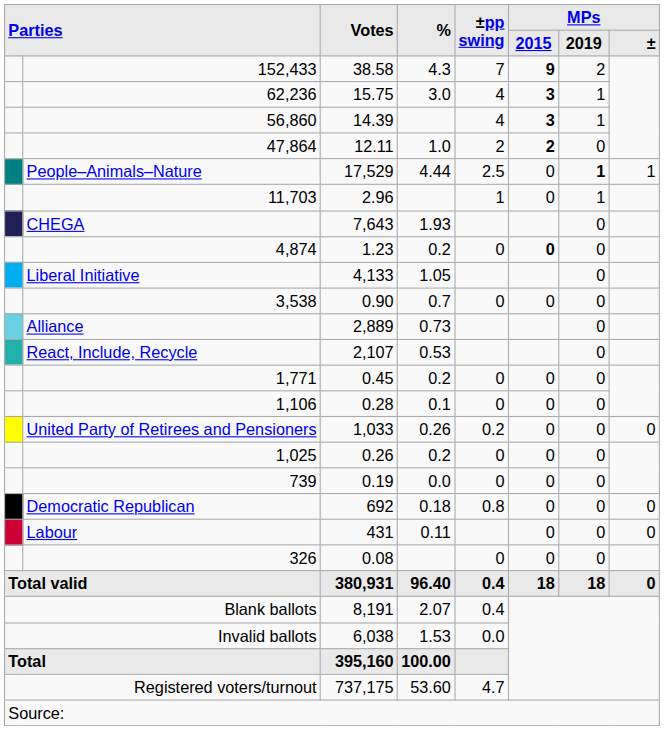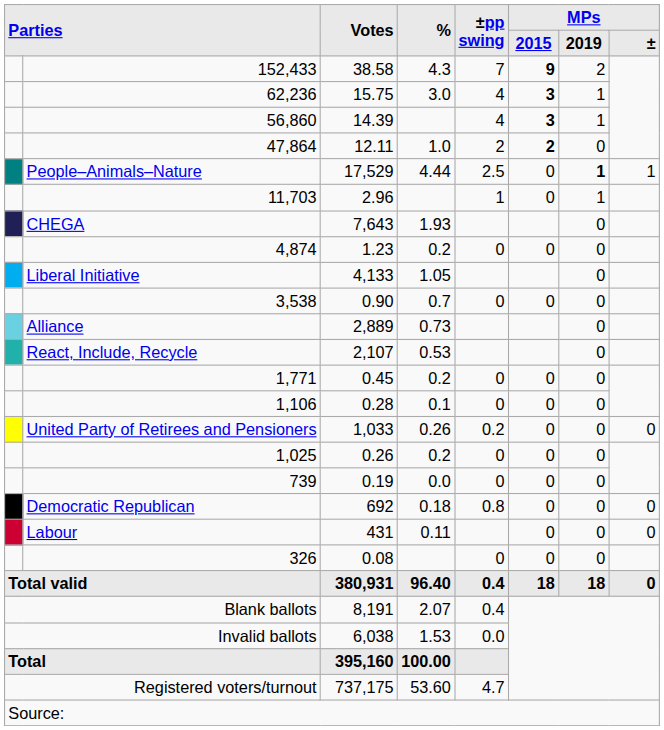 <table class="wikitable" style="text-align:right; font-size:95%;">
 <tr>
 <th rowspan="2" colspan="2" style="background:#e9e9e9; text-align:left;" alignleft><a href='#'>Parties</a></th>
 <th rowspan="2" style="background:#e9e9e9; text-align:right;">Votes</th>
 <th rowspan="2" style="background:#e9e9e9; text-align:right;">%</th>
 <th rowspan="2" style="background:#e9e9e9; text-align:right;">±<a href='#'>pp</a> <a href='#'>swing</a></th>
 <th colspan="3" style="background:#e9e9e9; text-align:center;"><a href='#'>MPs</a></th>
 </tr>
 <tr style="background-color:#E9E9E9">
 <th style="background-color:#E9E9E9;text-align:center;"><a href='#'>2015</a></th>
 <th style="background-color:#E9E9E9;text-align:center;">2019</th>
 <th style="background:#e9e9e9; text-align:right;">±</th>
 </tr>
 <tr>
 <td></td>
 <td>152,433</td>
 <td>38.58</td>
 <td>4.3</td>
 <td>7</td>
 <td><strong>9</strong></td>
 <td>2</td>
 </tr>
 <tr>
 <td></td>
 <td>62,236</td>
 <td>15.75</td>
 <td>3.0</td>
 <td>4</td>
 <td><strong>3</strong></td>
 <td>1</td>
 </tr>
 <tr>
 <td></td>
 <td>56,860</td>
 <td>14.39</td>
 <td></td>
 <td>4</td>
 <td><strong>3</strong></td>
 <td>1</td>
 </tr>
 <tr>
 <td></td>
 <td>47,864</td>
 <td>12.11</td>
 <td>1.0</td>
 <td>2</td>
 <td><strong>2</strong></td>
 <td>0</td>
 </tr>
 <tr>
 <td style="width: 10px" bgcolor="teal" align="center"></td>
 <td align="left"><a href='#'>People–Animals–Nature</a></td>
 <td>17,529</td>
 <td>4.44</td>
 <td>2.5</td>
 <td>0</td>
 <td><strong>1</strong></td>
 <td>1</td>
 </tr>
 <tr>
 <td></td>
 <td>11,703</td>
 <td>2.96</td>
 <td></td>
 <td>1</td>
 <td>0</td>
 <td>1</td>
 </tr>
 <tr>
 <td style="width: 10px" bgcolor="#202056" align="center"></td>
 <td align="left"><a href='#'>CHEGA</a></td>
 <td>7,643</td>
 <td>1.93</td>
 <td></td>
 <td></td>
 <td>0</td>
 <td></td>
 </tr>
 <tr>
 <td></td>
 <td>4,874</td>
 <td>1.23</td>
 <td>0.2</td>
 <td>0</td>
-<td><strong>0</strong></td>
+<td>0</td>
 <td>0</td>
 </tr>
 <tr>
 <td style="width: 10px" bgcolor="#00ADEF" align="center"></td>
 <td align="left"><a href='#'>Liberal Initiative</a></td>
 <td>4,133</td>
 <td>1.05</td>
 <td></td>
 <td></td>
 <td>0</td>
 <td></td>
 </tr>
 <tr>
 <td></td>
 <td>3,538</td>
 <td>0.90</td>
 <td>0.7</td>
 <td>0</td>
 <td>0</td>
 <td>0</td>
 </tr>
 <tr>
 <td style="width: 10px" bgcolor="#6AD1E3" align="center"></td>
 <td align="left"><a href='#'>Alliance</a></td>
 <td>2,889</td>
 <td>0.73</td>
 <td></td>
 <td></td>
 <td>0</td>
 <td></td>
 </tr>
 <tr>
 <td style="width: 10px" bgcolor=LightSeaGreen align="center"></td>
 <td align=left><a href='#'>React, Include, Recycle</a></td>
 <td>2,107</td>
 <td>0.53</td>
 <td></td>
 <td></td>
 <td>0</td>
 <td></td>
 </tr>
 <tr>
 <td></td>
 <td>1,771</td>
 <td>0.45</td>
 <td>0.2</td>
 <td>0</td>
 <td>0</td>
 <td>0</td>
 </tr>
 <tr>
 <td></td>
 <td>1,106</td>
 <td>0.28</td>
 <td>0.1</td>
 <td>0</td>
 <td>0</td>
 <td>0</td>
 </tr>
 <tr>
 <td style="width: 10px" bgcolor=yellow align="center"></td>
 <td align=left><a href='#'>United Party of Retirees and Pensioners</a></td>
 <td>1,033</td>
 <td>0.26</td>
 <td>0.2</td>
 <td>0</td>
 <td>0</td>
 <td>0</td>
 </tr>
 <tr>
 <td></td>
 <td>1,025</td>
 <td>0.26</td>
 <td>0.2</td>
 <td>0</td>
 <td>0</td>
 <td>0</td>
 </tr>
 <tr>
 <td></td>
 <td>739</td>
 <td>0.19</td>
 <td>0.0</td>
 <td>0</td>
 <td>0</td>
 <td>0</td>
 </tr>
 <tr>
 <td style="width: 10px" bgcolor=black align="center"></td>
 <td align=left><a href='#'>Democratic Republican</a></td>
 <td>692</td>
 <td>0.18</td>
 <td>0.8</td>
 <td>0</td>
 <td>0</td>
 <td>0</td>
 </tr>
 <tr>
 <td style="width: 10px" bgcolor=#CC0033 align="center"></td>
 <td align=left><a href='#'>Labour</a></td>
 <td>431</td>
 <td>0.11</td>
 <td></td>
 <td>0</td>
 <td>0</td>
 <td>0</td>
 </tr>
 <tr>
 <td></td>
 <td>326</td>
 <td>0.08</td>
 <td></td>
 <td>0</td>
 <td>0</td>
 <td>0</td>
 </tr>
 <tr>
 <td colspan=2 align=left style="background-color:#E9E9E9"><strong>Total valid</strong></td>
 <td width="65" align="right" style="background-color:#E9E9E9"><strong>380,931</strong></td>
 <td width="40" align="right" style="background-color:#E9E9E9"><strong>96.40</strong></td>
 <td width="40" align="right" style="background-color:#E9E9E9"><strong>0.4</strong></td>
 <td width="40" align="right" style="background-color:#E9E9E9"><strong>18</strong></td>
 <td width="40" align="right" style="background-color:#E9E9E9"><strong>18</strong></td>
 <td width="40" align="right" style="background-color:#E9E9E9"><strong>0</strong></td>
 </tr>
 <tr>
 <td colspan=2>Blank ballots</td>
 <td>8,191</td>
 <td>2.07</td>
 <td>0.4</td>
 <td colspan=4 rowspan=4></td>
 </tr>
 <tr>
 <td colspan=2>Invalid ballots</td>
 <td>6,038</td>
 <td>1.53</td>
 <td>0.0</td>
 </tr>
 <tr>
 <td colspan=2 width="259" align=left style="background-color:#E9E9E9"><strong>Total</strong></td>
 <td width="50" align="right" style="background-color:#E9E9E9"><strong>395,160</strong></td>
 <td width="40" align="right" style="background-color:#E9E9E9"><strong>100.00</strong></td>
 <td width="40" align="right" style="background-color:#E9E9E9"></td>
 </tr>
 <tr>
 <td colspan=2>Registered voters/turnout</td>
 <td>737,175</td>
 <td>53.60</td>
 <td>4.7</td>
 </tr>
 <tr>
 <td colspan=11 align=left>Source: </td>
 </tr>
 </table>
